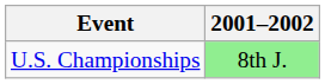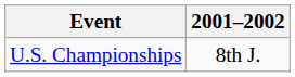 <table class="wikitable" style="text-align:center">
 <tr>
 <th>Event</th>
 <th>2001–2002</th>
 </tr>
 <tr>
 <td align=left><a href='#'>U.S. Championships</a></td>
-<td style="background: lightgreen;">8th J.</td>
+<td>8th J.</td>
 </tr>
 </table>
